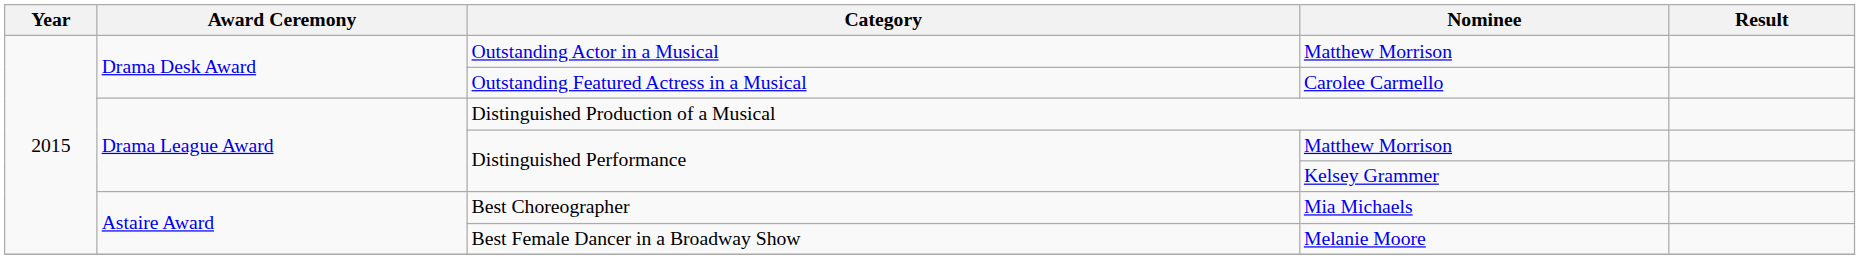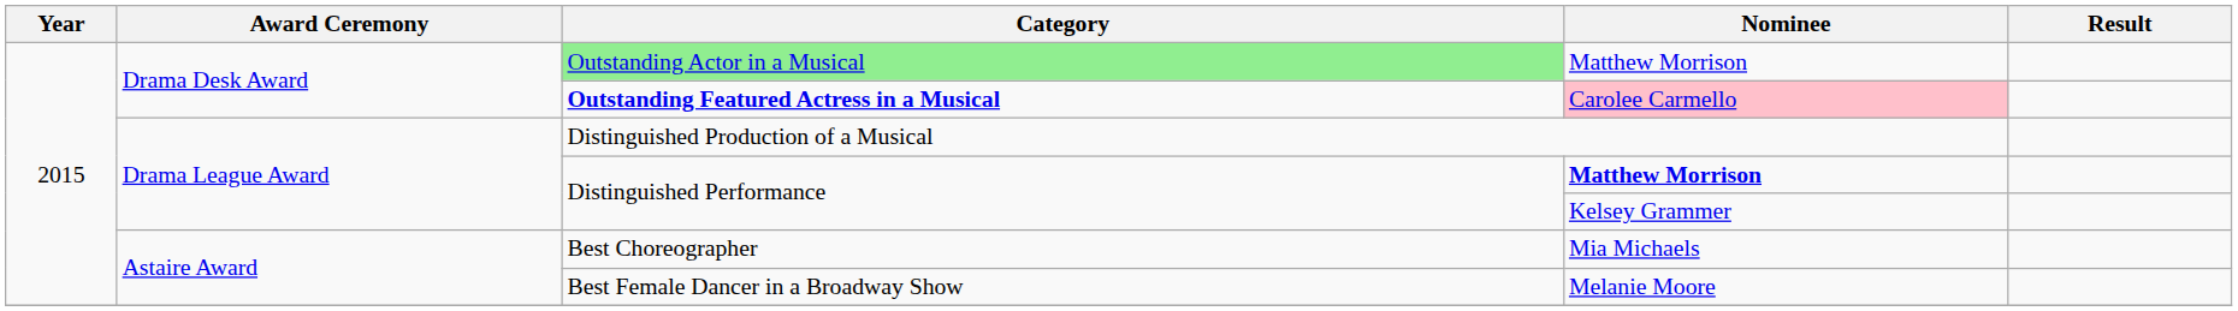 <table class="wikitable" width="95%">
 <tr>
 <th width="5%">Year</th>
 <th width="20%">Award Ceremony</th>
 <th width="45%">Category</th>
 <th width="20%">Nominee</th>
 <th width="10%">Result</th>
 </tr>
 <tr>
 <td rowspan="7" style="text-align:center;">2015</td>
 <td rowspan="2"><a href='#'>Drama Desk Award</a></td>
-<td><a href='#'>Outstanding Actor in a Musical</a></td>
+<td style="background: lightgreen;"><a href='#'>Outstanding Actor in a Musical</a></td>
 <td><a href='#'>Matthew Morrison</a></td>
 <td></td>
 </tr>
 <tr>
-<td><a href='#'>Outstanding Featured Actress in a Musical</a></td>
-<td><a href='#'>Carolee Carmello</a></td>
+<td><strong><a href='#'>Outstanding Featured Actress in a Musical</a></strong></td>
+<td style="background: pink;"><a href='#'>Carolee Carmello</a></td>
 <td></td>
 </tr>
 <tr>
 <td rowspan=3><a href='#'>Drama League Award</a></td>
 <td colspan=2>Distinguished Production of a Musical</td>
 <td></td>
 </tr>
 <tr>
 <td rowspan="2">Distinguished Performance</td>
-<td><a href='#'>Matthew Morrison</a></td>
+<td><strong><a href='#'>Matthew Morrison</a></strong></td>
 <td></td>
 </tr>
 <tr>
 <td><a href='#'>Kelsey Grammer</a></td>
 <td></td>
 </tr>
 <tr>
 <td rowspan="2"><a href='#'>Astaire Award</a></td>
 <td>Best Choreographer</td>
 <td><a href='#'>Mia Michaels</a></td>
 <td></td>
 </tr>
 <tr>
 <td>Best Female Dancer in a Broadway Show</td>
 <td><a href='#'>Melanie Moore</a></td>
 <td></td>
 </tr>
 <tr>
 </tr>
 </table>
